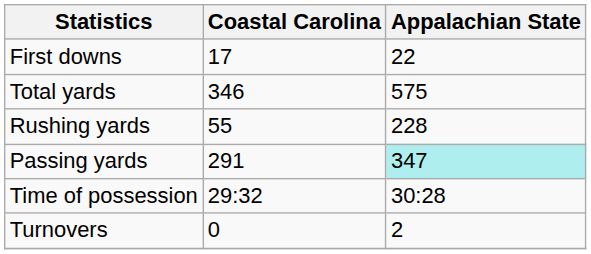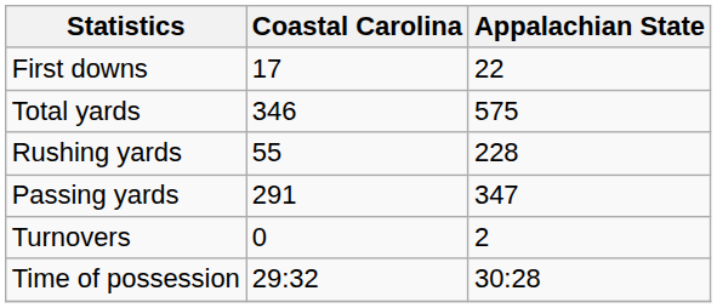 <table class="wikitable">
 <tr>
 <th>Statistics</th>
 <th>Coastal Carolina</th>
 <th>Appalachian State</th>
 </tr>
 <tr>
 <td>First downs</td>
 <td>17</td>
 <td>22</td>
 </tr>
 <tr>
 <td>Total yards</td>
 <td>346</td>
 <td>575</td>
 </tr>
 <tr>
 <td>Rushing yards</td>
 <td>55</td>
 <td>228</td>
 </tr>
 <tr>
 <td>Passing yards</td>
 <td>291</td>
-<td style="background: paleturquoise;">347</td>
+<td>347</td>
+</tr>
+<tr>
+<td>Turnovers</td>
+<td>0</td>
+<td>2</td>
 </tr>
 <tr>
 <td>Time of possession</td>
 <td>29:32</td>
 <td>30:28</td>
 </tr>
 <tr>
-<td>Turnovers</td>
-<td>0</td>
-<td>2</td>
-</tr>
-<tr>
 </tr>
 </table>
